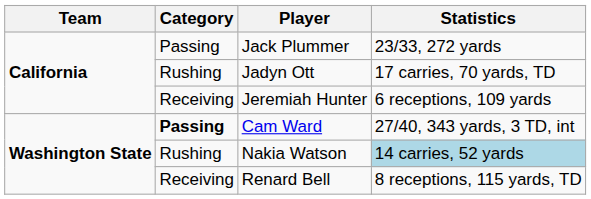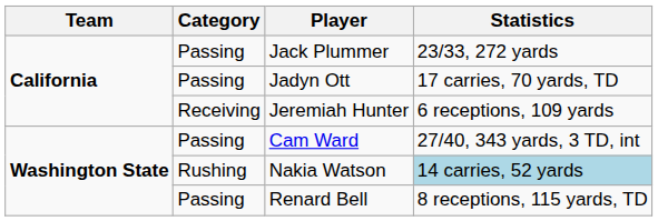 <table class="wikitable" style="float: right;">
 <tr>
 <th>Team</th>
 <th>Category</th>
 <th>Player</th>
 <th>Statistics</th>
 </tr>
 <tr>
 <td rowspan=3><strong>California</strong></td>
 <td>Passing</td>
 <td>Jack Plummer</td>
 <td>23/33, 272 yards</td>
 </tr>
 <tr>
-<td>Rushing</td>
+<td>Passing</td>
 <td>Jadyn Ott</td>
 <td>17 carries, 70 yards, TD</td>
 </tr>
 <tr>
 <td>Receiving</td>
 <td>Jeremiah Hunter</td>
 <td>6 receptions, 109 yards</td>
 </tr>
 <tr>
 <td rowspan=3><strong>Washington State</strong></td>
-<td><strong>Passing</strong></td>
+<td>Passing</td>
 <td><a href='#'>Cam Ward</a></td>
 <td>27/40, 343 yards, 3 TD, int</td>
 </tr>
 <tr>
 <td>Rushing</td>
 <td>Nakia Watson</td>
 <td style="background: lightblue;">14 carries, 52 yards</td>
 </tr>
 <tr>
-<td>Receiving</td>
+<td>Passing</td>
 <td>Renard Bell</td>
 <td>8 receptions, 115 yards, TD</td>
 </tr>
 </table>
